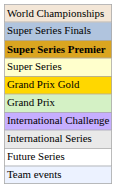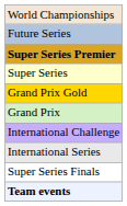 <table class=wikitable style="font-size:85%">
 <tr style="background:#F3E6D7;">
 <td>World Championships</td>
 </tr>
 <tr style="background:#B0C4DE;">
-<td>Super Series Finals</td>
+<td>Future Series</td>
 </tr>
 <tr style="background:#DAA520;">
 <td><strong>Super Series Premier</strong></td>
 </tr>
 <tr style="background:#ffffcc;">
 <td>Super Series</td>
 </tr>
 <tr style="background:#FFD700;">
 <td>Grand Prix Gold</td>
 </tr>
 <tr style="background:#D4F1C5;">
 <td>Grand Prix</td>
 </tr>
 <tr style="background:#C6AEFF;">
 <td>International Challenge</td>
 </tr>
 <tr style="background:#E9E9E9;">
 <td>International Series</td>
 </tr>
 <tr style="background:#ffffff;">
-<td>Future Series</td>
+<td>Super Series Finals</td>
 </tr>
 <tr style="background:#ECF2FF;">
-<td>Team events</td>
+<td><strong>Team events</strong></td>
 </tr>
 </table>
